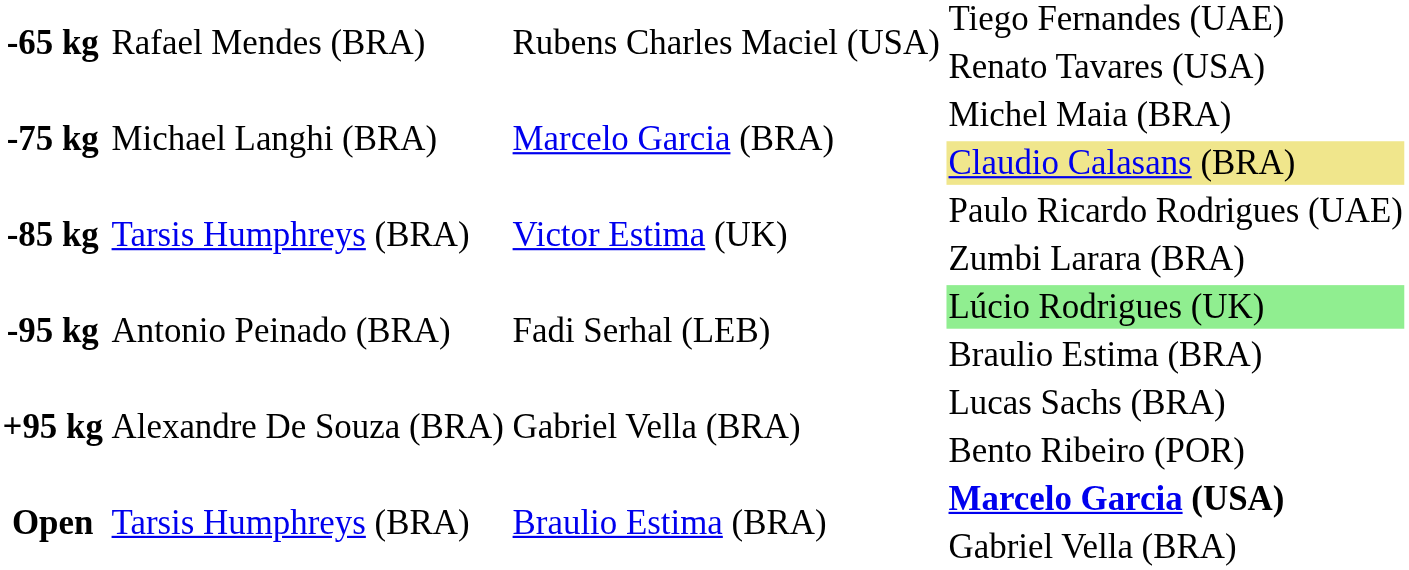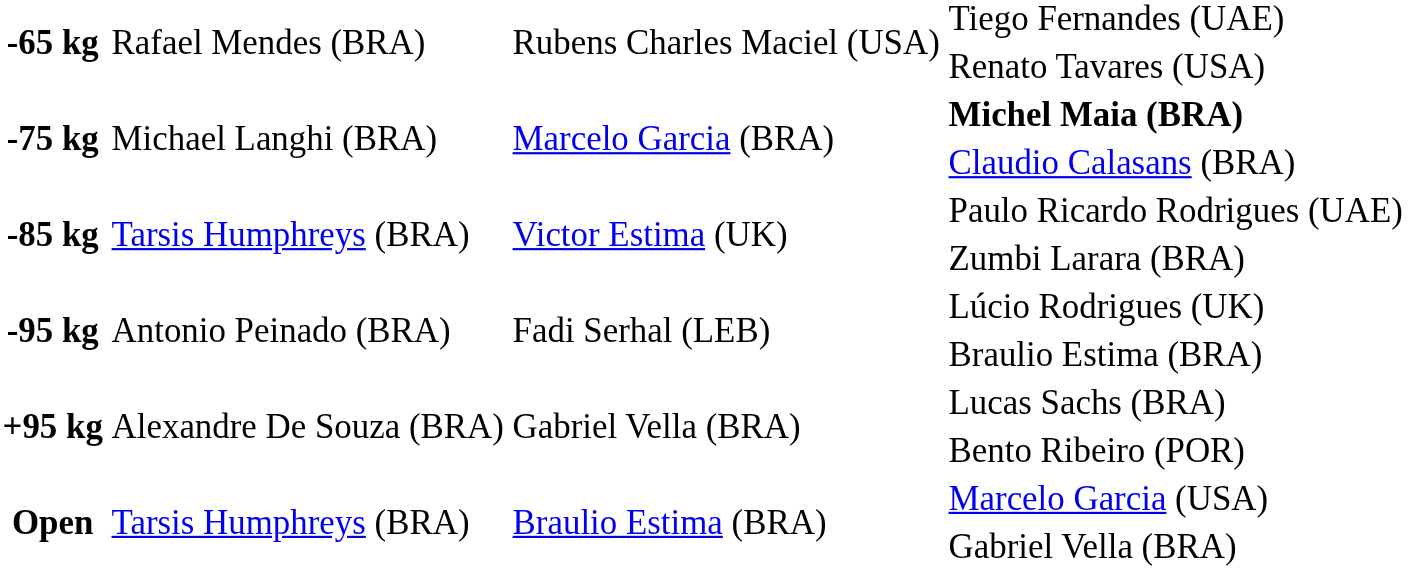 <table>
 <tr>
 <th scope=row rowspan=2>-65 kg</th>
 <td rowspan=2> Rafael Mendes (BRA)</td>
 <td rowspan=2> Rubens Charles Maciel (USA)</td>
 <td> Tiego Fernandes (UAE)</td>
 </tr>
 <tr>
 <td> Renato Tavares (USA)</td>
 </tr>
 <tr>
 <th scope=row rowspan=2>-75 kg</th>
 <td rowspan=2> Michael Langhi (BRA)</td>
 <td rowspan=2> <a href='#'>Marcelo Garcia</a> (BRA)</td>
-<td> Michel Maia (BRA)</td>
+<td><strong> Michel Maia (BRA)</strong></td>
 </tr>
 <tr>
-<td style="background: khaki;"> <a href='#'>Claudio Calasans</a> (BRA)</td>
+<td> <a href='#'>Claudio Calasans</a> (BRA)</td>
 </tr>
 <tr>
 <th scope=row rowspan=2>-85 kg</th>
 <td rowspan=2> <a href='#'>Tarsis Humphreys</a> (BRA)</td>
 <td rowspan=2> <a href='#'>Victor Estima</a> (UK)</td>
 <td> Paulo Ricardo Rodrigues (UAE)</td>
 </tr>
 <tr>
 <td> Zumbi Larara (BRA)</td>
 </tr>
 <tr>
 <th scope=row rowspan=2>-95 kg</th>
 <td rowspan=2> Antonio Peinado (BRA)</td>
 <td rowspan=2> Fadi Serhal (LEB)</td>
-<td style="background: lightgreen;"> Lúcio Rodrigues (UK)</td>
+<td> Lúcio Rodrigues (UK)</td>
 </tr>
 <tr>
 <td> Braulio Estima (BRA)</td>
 </tr>
 <tr>
 <th scope=row rowspan=2>+95 kg</th>
 <td rowspan=2> Alexandre De Souza (BRA)</td>
 <td rowspan=2> Gabriel Vella (BRA)</td>
 <td> Lucas Sachs (BRA)</td>
 </tr>
 <tr>
 <td> Bento Ribeiro (POR)</td>
 </tr>
 <tr>
 <th scope=row rowspan=2>Open</th>
 <td rowspan=2> <a href='#'>Tarsis Humphreys</a> (BRA)</td>
 <td rowspan=2> <a href='#'>Braulio Estima</a> (BRA)</td>
-<td><strong> <a href='#'>Marcelo Garcia</a> (USA)</strong></td>
+<td> <a href='#'>Marcelo Garcia</a> (USA)</td>
 </tr>
 <tr>
 <td> Gabriel Vella (BRA)</td>
 </tr>
 </table>
